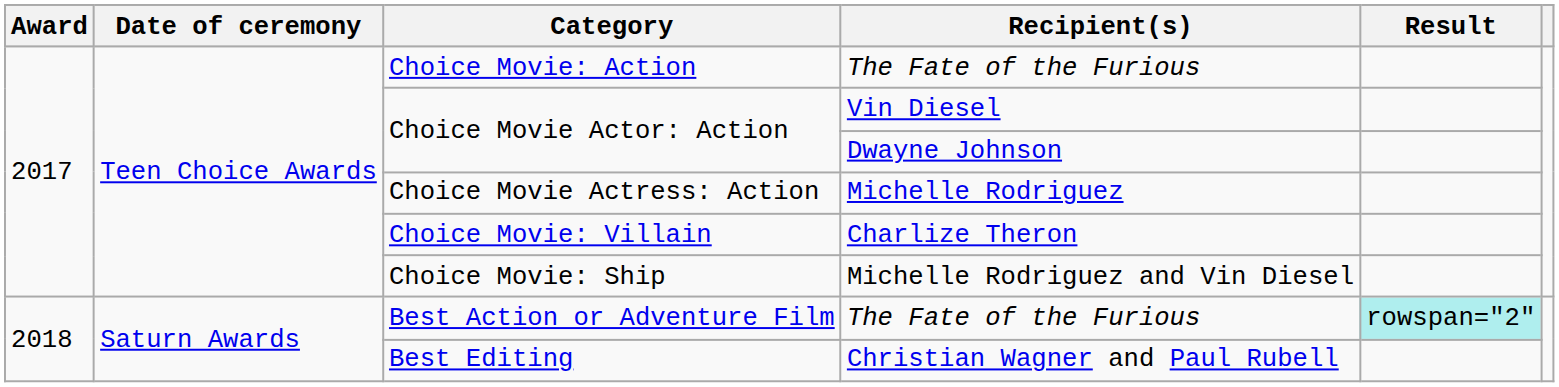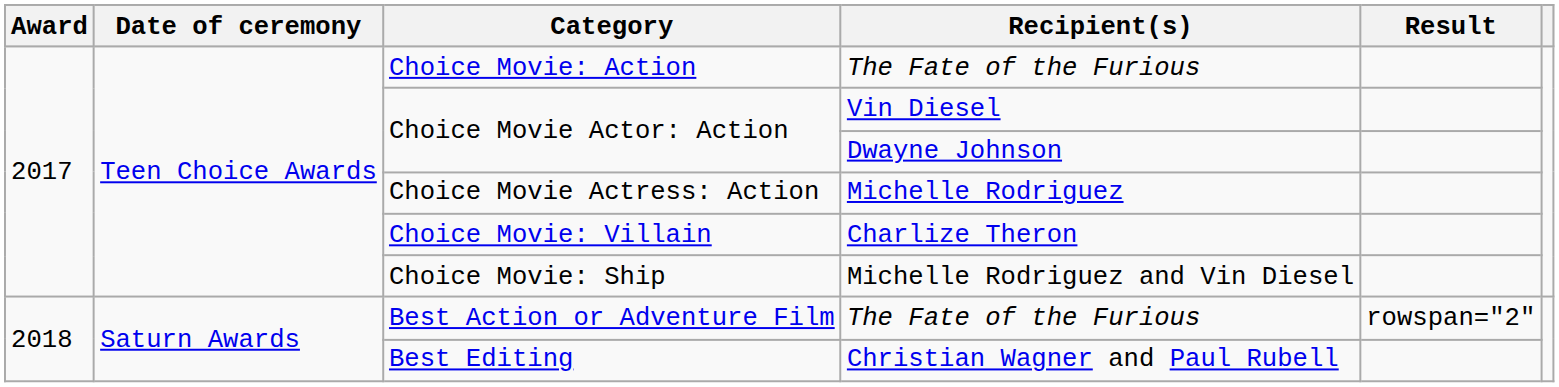 <table class="wikitable sortable plainrowheaders">
 <tr style="background:#ccc; text-align:center;">
 <th scope="col">Award</th>
 <th scope="col">Date of ceremony</th>
 <th scope="col">Category</th>
 <th scope="col">Recipient(s)</th>
 <th scope="col">Result</th>
 <th scope="col" class="unsortable"></th>
 </tr>
 <tr>
 <td rowspan="6">2017</td>
 <td rowspan="6"><a href='#'>Teen Choice Awards</a></td>
 <td><a href='#'>Choice Movie: Action</a></td>
 <td><em>The Fate of the Furious</em></td>
 <td></td>
 <td rowspan="6" style="text-align:center;"></td>
 </tr>
 <tr>
 <td rowspan="2">Choice Movie Actor: Action</td>
 <td><a href='#'>Vin Diesel</a></td>
 <td></td>
 </tr>
 <tr>
 <td><a href='#'>Dwayne Johnson</a></td>
 <td></td>
 </tr>
 <tr>
 <td>Choice Movie Actress: Action</td>
 <td><a href='#'>Michelle Rodriguez</a></td>
 <td></td>
 </tr>
 <tr>
 <td><a href='#'>Choice Movie: Villain</a></td>
 <td><a href='#'>Charlize Theron</a></td>
 <td></td>
 </tr>
 <tr>
 <td>Choice Movie: Ship</td>
 <td>Michelle Rodriguez and Vin Diesel</td>
 <td></td>
 </tr>
 <tr>
 <td scope="row" rowspan="2">2018</td>
 <td rowspan="2"><a href='#'>Saturn Awards</a></td>
 <td><a href='#'>Best Action or Adventure Film</a></td>
 <td><em>The Fate of the Furious</em></td>
-<td style="background: paleturquoise;">rowspan="2" </td>
+<td>rowspan="2" </td>
 <td rowspan="2" style="text-align:center;"></td>
 </tr>
 <tr>
 <td><a href='#'>Best Editing</a></td>
 <td><a href='#'>Christian Wagner</a> and <a href='#'>Paul Rubell</a></td>
 </tr>
 </table>
